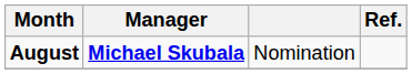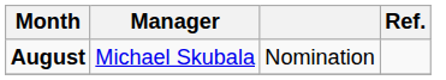 <table class="wikitable" style="text-align:left">
 <tr>
 <th>Month</th>
 <th>Manager</th>
 <th></th>
 <th>Ref.</th>
 </tr>
 <tr>
 <td align=center><strong>August</strong></td>
-<td><strong> <a href='#'>Michael Skubala</a></strong></td>
+<td> <a href='#'>Michael Skubala</a></td>
 <td>Nomination</td>
 <td align=center></td>
 </tr>
 <tr>
 </tr>
 </table>
